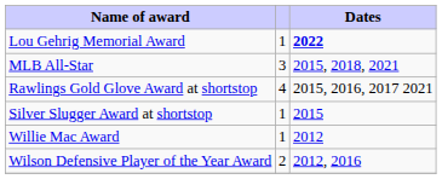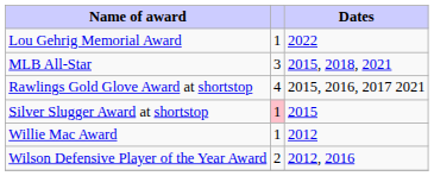 <table class="wikitable">
 <tr>
 <th style="background:#ccf;">Name of award</th>
 <th style="background:#ccf;"></th>
 <th style="background:#ccf;">Dates</th>
 </tr>
 <tr>
 <td><a href='#'>Lou Gehrig Memorial Award</a></td>
 <td style="text-align:center;">1</td>
-<td><strong><a href='#'>2022</a></strong></td>
+<td><a href='#'>2022</a></td>
 </tr>
 <tr>
 <td><a href='#'>MLB All-Star</a></td>
 <td style="text-align:center;">3</td>
 <td><a href='#'>2015</a>, <a href='#'>2018</a>, <a href='#'>2021</a></td>
 </tr>
 <tr>
 <td><a href='#'>Rawlings Gold Glove Award</a> at <a href='#'>shortstop</a></td>
 <td style="text-align:center;">4</td>
 <td>2015, 2016, 2017 2021</td>
 </tr>
 <tr>
 <td><a href='#'>Silver Slugger Award</a> at <a href='#'>shortstop</a></td>
-<td style="text-align:center;">1</td>
+<td style="background: pink; text-align:center;">1</td>
 <td><a href='#'>2015</a></td>
 </tr>
 <tr>
 <td><a href='#'>Willie Mac Award</a></td>
 <td style="text-align:center;">1</td>
 <td><a href='#'>2012</a></td>
 </tr>
 <tr>
 <td><a href='#'>Wilson Defensive Player of the Year Award</a></td>
 <td style="text-align:center;">2</td>
 <td><a href='#'>2012</a>, <a href='#'>2016</a></td>
 </tr>
 <tr>
 </tr>
 </table>
